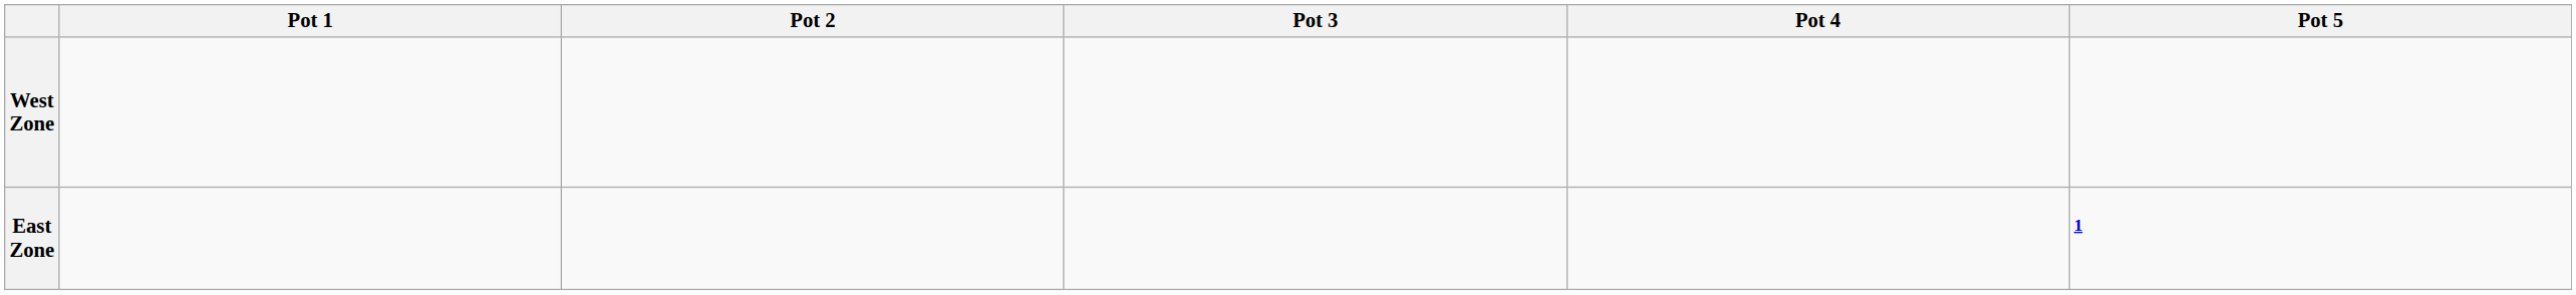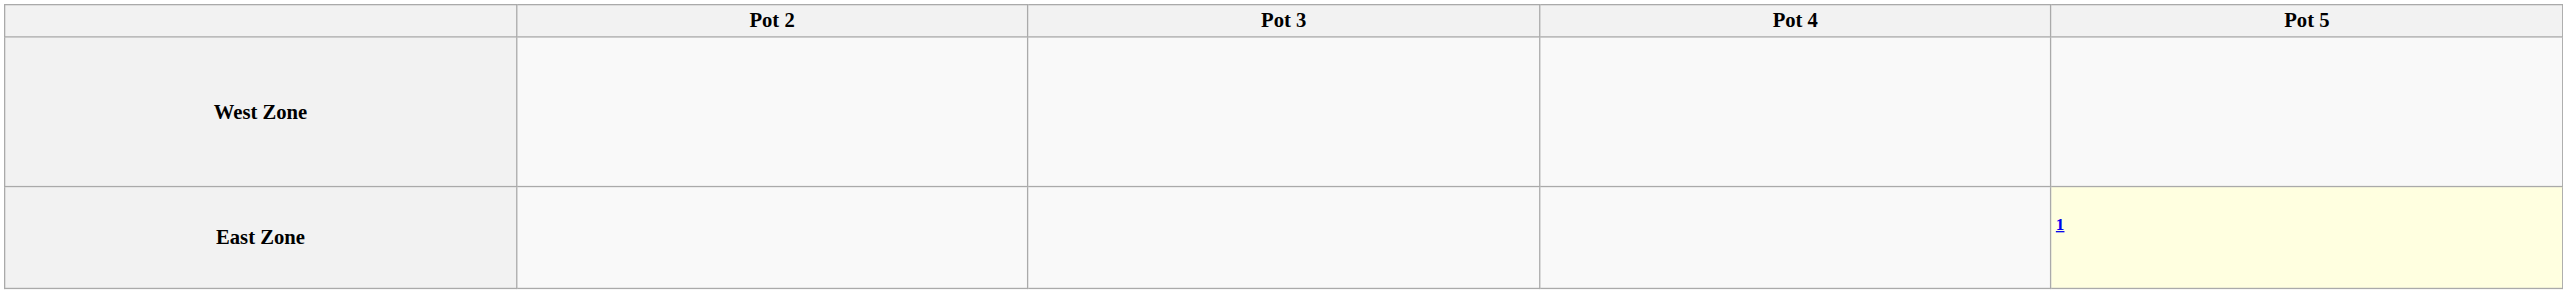 <table class="wikitable" style="width:100%;">
 <tr>
 <th></th>
-<th width=20%>Pot 1</th>
 <th width=20%>Pot 2</th>
 <th width=20%>Pot 3</th>
 <th width=20%>Pot 4</th>
 <th width=20%>Pot 5</th>
 </tr>
 <tr>
 <th>West Zone<br></th>
 <td valign=top><br><br> <br> <br> <br> <br> </td>
 <td valign=top><br><br> <br> <br> <br> <br> </td>
 <td valign=top><br><br> <br> <br> <br> <br> </td>
-<td valign=top><br><br> <br> <br> <br> <br> </td>
 <td valign=top><br></td>
 </tr>
 <tr>
 <th>East Zone<br></th>
 <td valign=top><br><br> <br> <br> </td>
 <td valign=top><br><br> <br> <br> </td>
 <td valign=top><br><br> <br> <br> </td>
-<td valign=top><br><br> <br> <br> </td>
-<td valign=top><br><sup><strong><a href='#'>1</a></strong></sup><br> </td>
+<td valign=top style="background: lightyellow;"><br><sup><strong><a href='#'>1</a></strong></sup><br> </td>
 </tr>
 </table>
